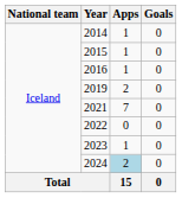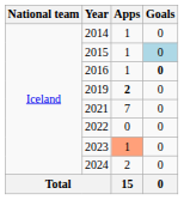 <table class="wikitable" style="text-align:center">
 <tr>
 <th>National team</th>
 <th>Year</th>
 <th>Apps</th>
 <th>Goals</th>
 </tr>
 <tr>
 <td rowspan="8"><a href='#'>Iceland</a></td>
 <td>2014</td>
 <td>1</td>
 <td>0</td>
 </tr>
 <tr>
 <td>2015</td>
 <td>1</td>
-<td>0</td>
+<td style="background: lightblue;">0</td>
 </tr>
 <tr>
 <td>2016</td>
 <td>1</td>
-<td>0</td>
+<td><strong>0</strong></td>
 </tr>
 <tr>
 <td>2019</td>
-<td>2</td>
+<td><strong>2</strong></td>
 <td>0</td>
 </tr>
 <tr>
 <td>2021</td>
 <td>7</td>
 <td>0</td>
 </tr>
 <tr>
 <td>2022</td>
 <td>0</td>
 <td>0</td>
 </tr>
 <tr>
 <td>2023</td>
-<td>1</td>
+<td style="background: lightsalmon;">1</td>
 <td>0</td>
 </tr>
 <tr>
 <td>2024</td>
-<td style="background: lightblue;">2</td>
+<td>2</td>
 <td>0</td>
 </tr>
 <tr>
 <th colspan="2">Total</th>
 <th>15</th>
 <th>0</th>
 </tr>
 </table>
